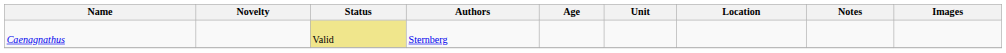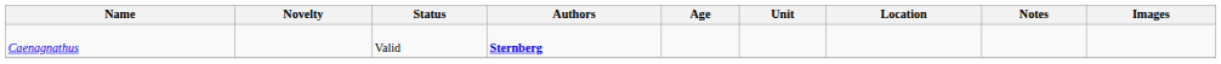 <table class="wikitable sortable" align="center" width="100%">
 <tr>
 <th>Name</th>
 <th>Novelty</th>
 <th>Status</th>
 <th>Authors</th>
 <th>Age</th>
 <th>Unit</th>
 <th>Location</th>
 <th>Notes</th>
 <th>Images</th>
 </tr>
 <tr>
 <td><br><em><a href='#'>Caenagnathus</a></em></td>
 <td></td>
-<td style="background: khaki;"><br>Valid</td>
-<td><br><a href='#'>Sternberg</a></td>
+<td><br>Valid</td>
+<td><strong><br><a href='#'>Sternberg</a></strong></td>
 <td></td>
 <td></td>
 <td><br><br></td>
 <td></td>
 <td><br></td>
 </tr>
 <tr>
 </tr>
 </table>
